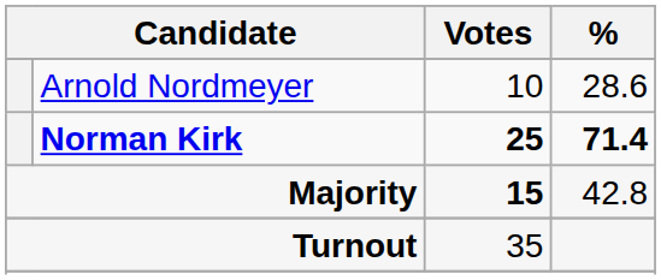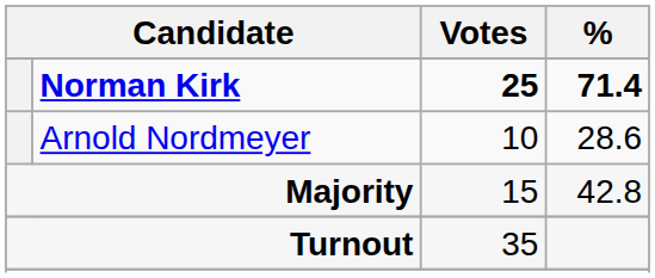 <table class="wikitable" style="font-size: 95%;">
 <tr style="background-color:#E9E9E9">
 <th colspan="2" style="width: 170px">Candidate</th>
 <th style="width: 50px">Votes</th>
 <th style="width: 40px">%</th>
 </tr>
 <tr>
 </tr>
 <tr>
+<th width=5 style="background-color: "></th>
+<td style="width: 170px"><strong><a href='#'>Norman Kirk</a></strong></td>
+<td align="right"><strong>25</strong></td>
+<td align="right"><strong>71.4</strong></td>
+</tr>
+<tr>
 <th style="background-color: "></th>
 <td style="width: 170px"><a href='#'>Arnold Nordmeyer</a></td>
 <td align="right">10</td>
 <td align="right">28.6</td>
 </tr>
-<tr>
-<th width=5 style="background-color: "></th>
-<td style="width: 170px"><strong><a href='#'>Norman Kirk</a></strong></td>
-<td align="right"><strong>25</strong></td>
-<td align="right"><strong>71.4</strong></td>
-</tr>
 <tr style="background-color:#F6F6F6">
 <td colspan="2" align="right"><strong>Majority</strong></td>
-<td align="right"><strong>15</strong></td>
+<td align="right">15</td>
 <td align="right">42.8</td>
 </tr>
 <tr>
 </tr>
 <tr style="background-color:#F6F6F6">
 <td colspan="2" align="right"><strong>Turnout</strong></td>
 <td align="right">35</td>
 <td></td>
 </tr>
 <tr>
 </tr>
 <tr style="background-color:#F6F6F6">
 </tr>
 </table>
